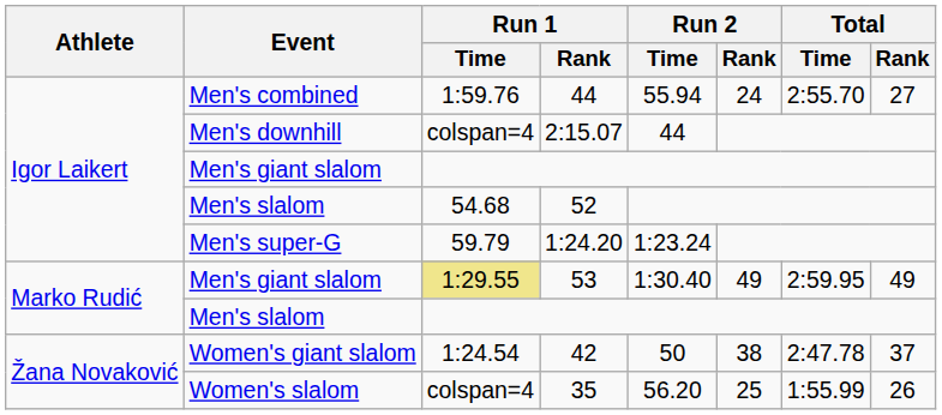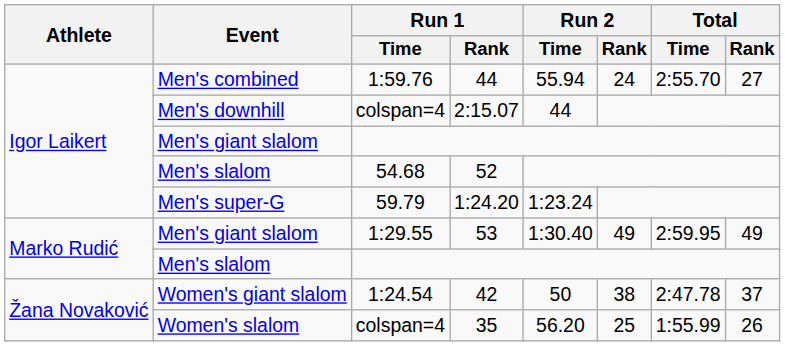 <table class="wikitable" style="font-size:90%">
 <tr>
 <th rowspan=2>Athlete</th>
 <th rowspan=2>Event</th>
 <th colspan=2>Run 1</th>
 <th colspan=2>Run 2</th>
 <th colspan=2>Total</th>
 </tr>
 <tr style="font-size:95%">
 <th>Time</th>
 <th>Rank</th>
 <th>Time</th>
 <th>Rank</th>
 <th>Time</th>
 <th>Rank</th>
 </tr>
 <tr align=center>
 <td align=left rowspan=5><a href='#'>Igor Laikert</a></td>
 <td align=left><a href='#'>Men's combined</a></td>
 <td>1:59.76</td>
 <td>44</td>
 <td>55.94</td>
 <td>24</td>
 <td>2:55.70</td>
 <td>27</td>
 </tr>
 <tr align=center>
 <td align=left><a href='#'>Men's downhill</a></td>
 <td>colspan=4 </td>
 <td>2:15.07</td>
 <td>44</td>
 </tr>
 <tr align=center>
 <td align=left><a href='#'>Men's giant slalom</a></td>
 <td colspan="6"></td>
 </tr>
 <tr align=center>
 <td align=left><a href='#'>Men's slalom</a></td>
 <td>54.68</td>
 <td>52</td>
 <td colspan=4></td>
 </tr>
 <tr align=center>
 <td align=left><a href='#'>Men's super-G</a></td>
 <td>59.79</td>
 <td>1:24.20</td>
 <td>1:23.24</td>
 </tr>
 <tr align=center>
 <td align=left rowspan=2><a href='#'>Marko Rudić</a></td>
 <td align=left><a href='#'>Men's giant slalom</a></td>
-<td style="background: khaki;">1:29.55</td>
+<td>1:29.55</td>
 <td>53</td>
 <td>1:30.40</td>
 <td>49</td>
 <td>2:59.95</td>
 <td>49</td>
 </tr>
 <tr align=center>
 <td align=left><a href='#'>Men's slalom</a></td>
 <td colspan=6></td>
 </tr>
 <tr align=center>
 <td align=left rowspan=2><a href='#'>Žana Novaković</a></td>
 <td align=left><a href='#'>Women's giant slalom</a></td>
 <td>1:24.54</td>
 <td>42</td>
 <td>50</td>
 <td>38</td>
 <td>2:47.78</td>
 <td>37</td>
 </tr>
 <tr align=center>
 <td align=left><a href='#'>Women's slalom</a></td>
 <td>colspan=4 </td>
 <td>35</td>
 <td>56.20</td>
 <td>25</td>
 <td>1:55.99</td>
 <td>26</td>
 </tr>
 </table>
